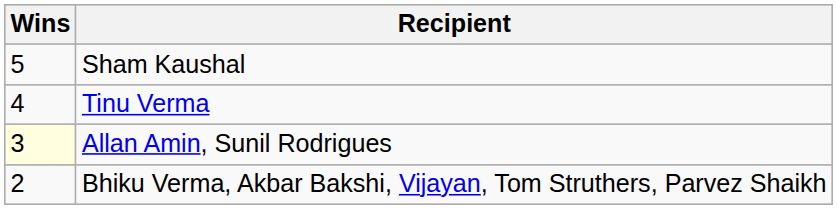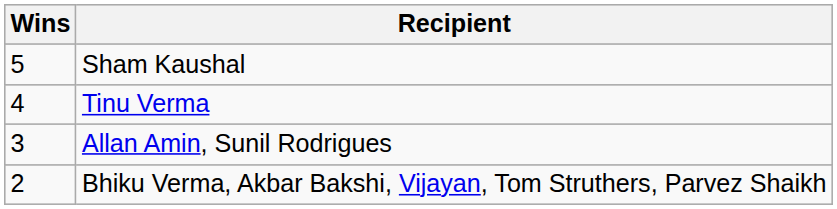 <table class="wikitable">
 <tr>
 <th>Wins</th>
 <th>Recipient</th>
 </tr>
 <tr>
 <td>5</td>
 <td>Sham Kaushal</td>
 </tr>
 <tr>
 <td>4</td>
 <td><a href='#'>Tinu Verma</a></td>
 </tr>
 <tr>
-<td style="background: lightyellow;">3</td>
+<td>3</td>
 <td><a href='#'>Allan Amin</a>, Sunil Rodrigues</td>
 </tr>
 <tr>
 <td>2</td>
 <td>Bhiku Verma, Akbar Bakshi, <a href='#'>Vijayan</a>, Tom Struthers, Parvez Shaikh</td>
 </tr>
 </table>
